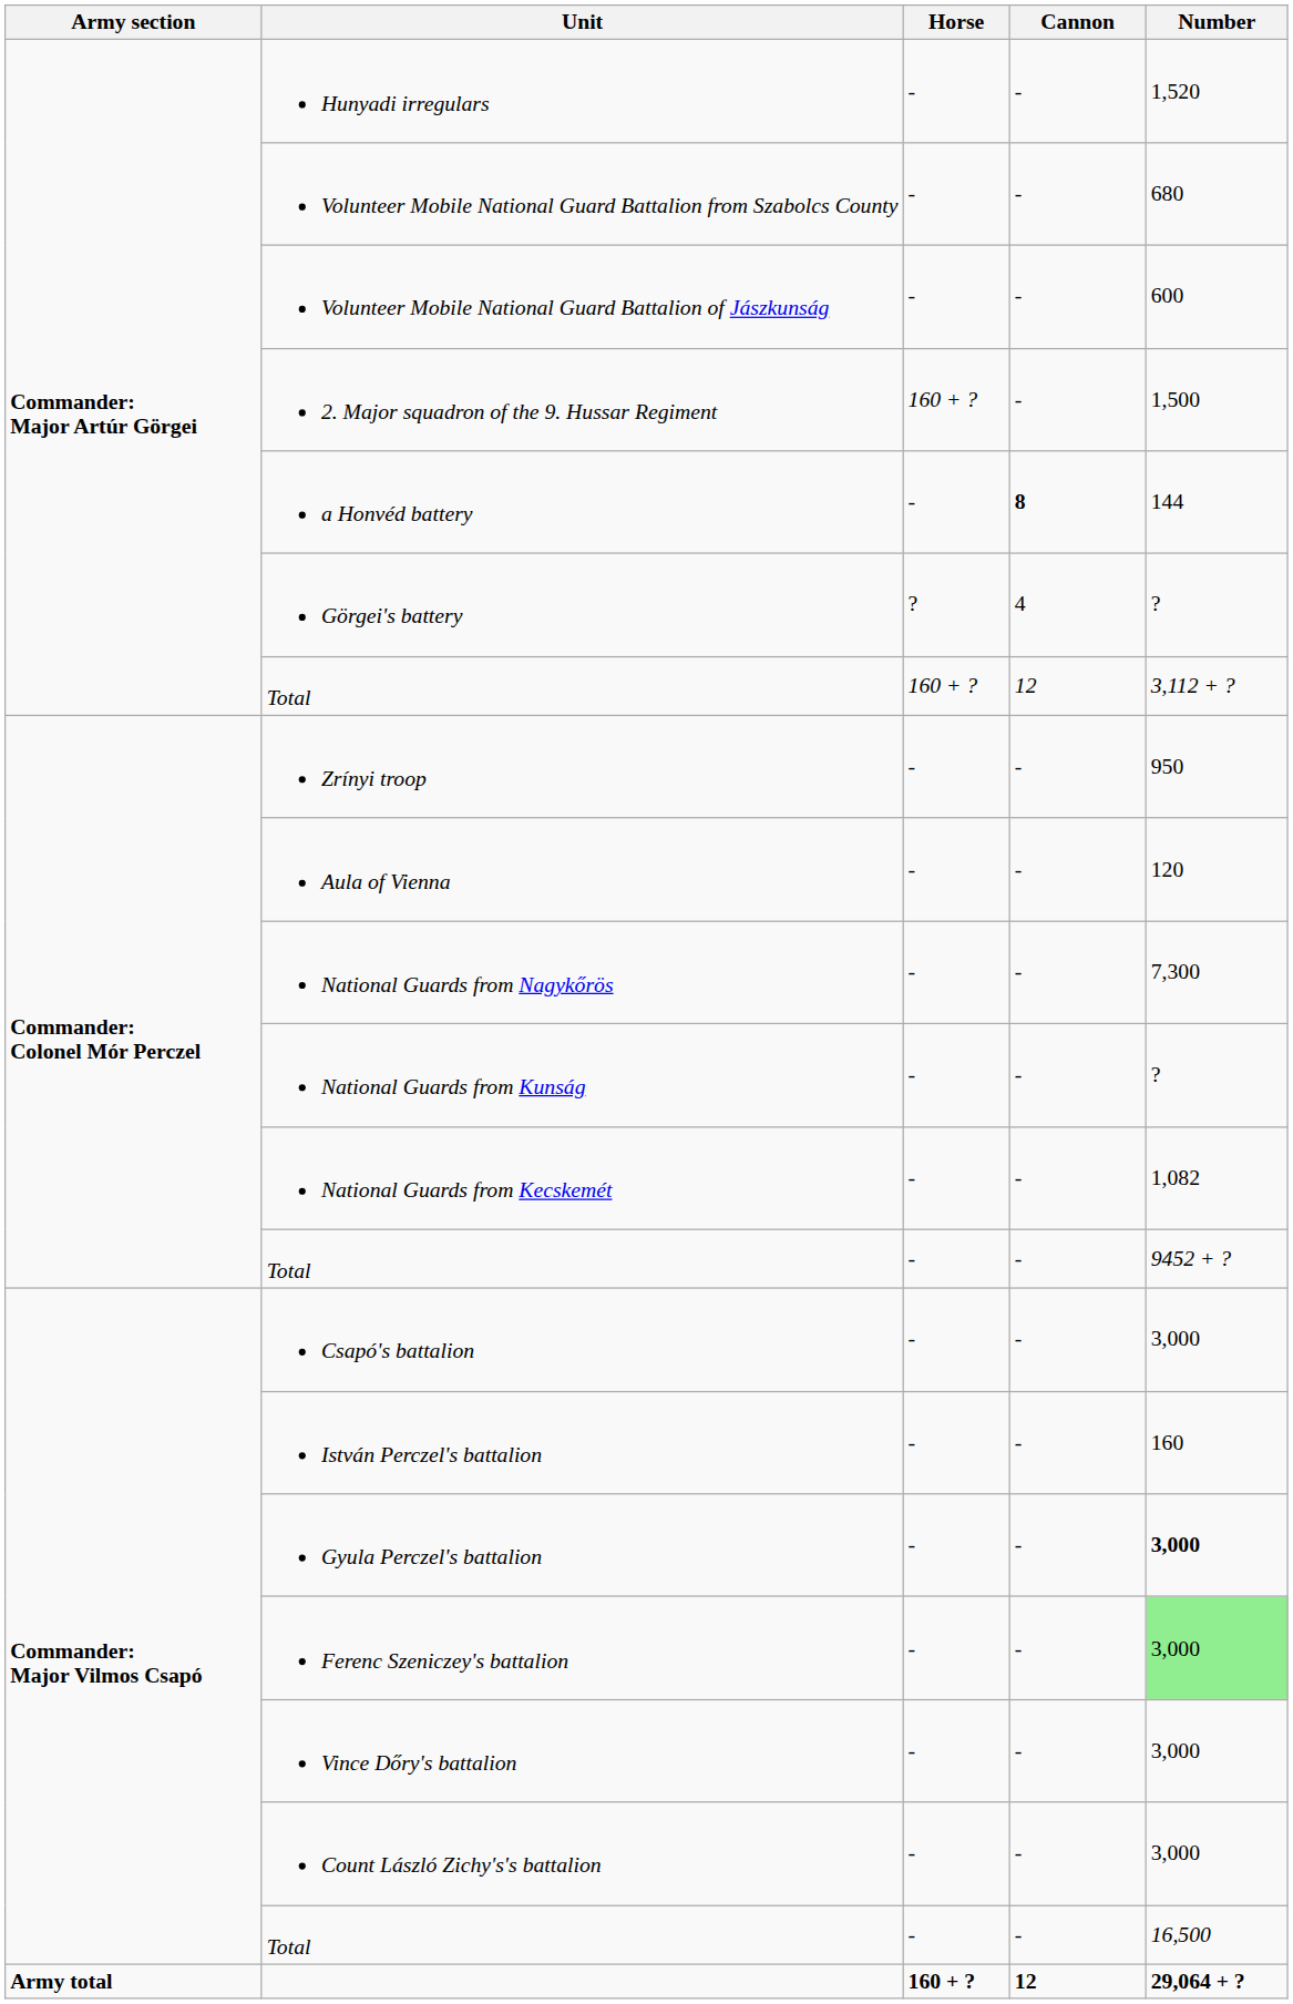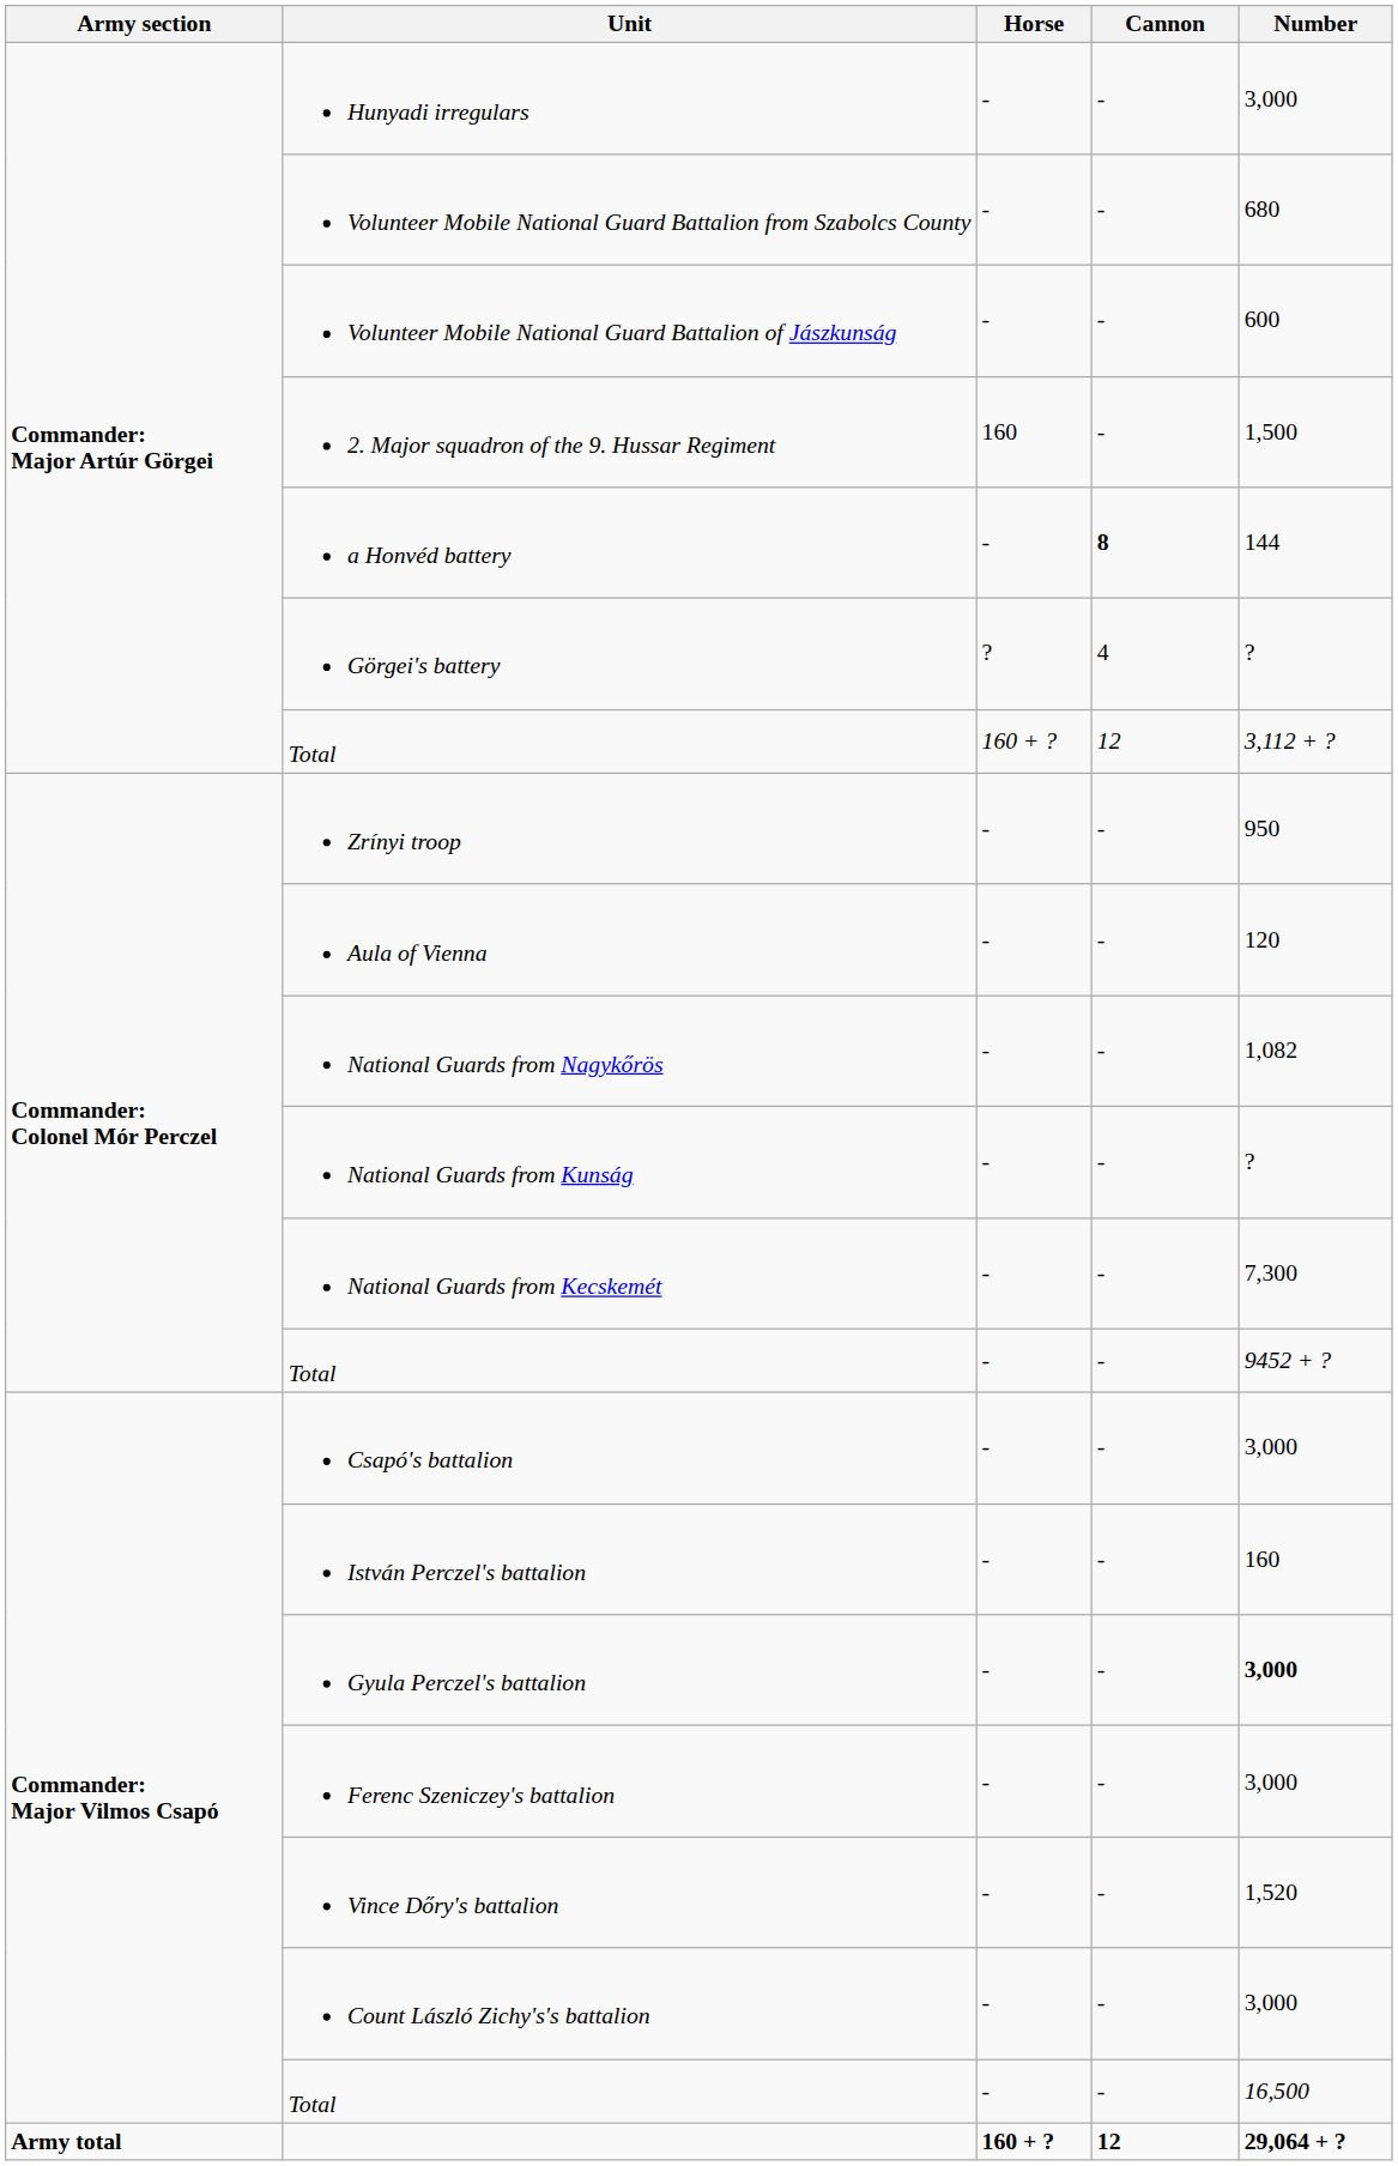 <table class="wikitable">
 <tr>
 <th width=20%>Army section</th>
 <th width=50%>Unit</th>
 <th width=10 %>Horse</th>
 <th width=5 %>Cannon</th>
 <th width=15 %>Number</th>
 </tr>
 <tr>
 <td rowspan="7"><br> <br>  <br><strong>Commander:<br> Major Artúr Görgei</strong><br></td>
 <td><br><ul><li><em>Hunyadi irregulars</em></li></ul></td>
 <td>-</td>
 <td>-</td>
-<td>1,520</td>
+<td>3,000</td>
 </tr>
 <tr>
 <td><br><ul><li><em>Volunteer Mobile National Guard Battalion from Szabolcs County</em></li></ul></td>
 <td>-</td>
 <td>-</td>
 <td>680</td>
 </tr>
 <tr>
 <td><br><ul><li><em>Volunteer Mobile National Guard Battalion of <a href='#'>Jászkunság</a></em></li></ul></td>
 <td>-</td>
 <td>-</td>
 <td>600</td>
 </tr>
 <tr>
 <td><br><ul><li><em>2. Major squadron of the 9. Hussar Regiment</em></li></ul></td>
-<td><em>160 + ?</em></td>
+<td>160</td>
 <td>-</td>
 <td>1,500</td>
 </tr>
 <tr>
 <td><br><ul><li><em>a Honvéd battery</em></li></ul></td>
 <td>-</td>
 <td><strong>8</strong></td>
 <td>144</td>
 </tr>
 <tr>
 <td><br><ul><li><em>Görgei's battery</em></li></ul></td>
 <td>?</td>
 <td>4</td>
 <td>?</td>
 </tr>
 <tr>
 <td><br><em>Total</em></td>
 <td><em>160 + ?</em></td>
 <td><em>12</em></td>
 <td><em>3,112 + ?</em></td>
 </tr>
 <tr>
 <td rowspan="6"><br> <br>  <br><strong>Commander:<br> Colonel Mór Perczel</strong><br></td>
 <td><br><ul><li><em>Zrínyi troop</em></li></ul></td>
 <td>-</td>
 <td>-</td>
 <td>950</td>
 </tr>
 <tr>
 <td><br><ul><li><em>Aula of Vienna</em></li></ul></td>
 <td>-</td>
 <td>-</td>
 <td>120</td>
 </tr>
 <tr>
 <td><br><ul><li><em>National Guards from <a href='#'>Nagykőrös</a></em></li></ul></td>
 <td>-</td>
 <td>-</td>
-<td>7,300</td>
+<td>1,082</td>
 </tr>
 <tr>
 <td><br><ul><li><em>National Guards from <a href='#'>Kunság</a></em></li></ul></td>
 <td>-</td>
 <td>-</td>
 <td>?</td>
 </tr>
 <tr>
 <td><br><ul><li><em>National Guards from <a href='#'>Kecskemét</a></em></li></ul></td>
 <td>-</td>
 <td>-</td>
-<td>1,082</td>
+<td>7,300</td>
 </tr>
 <tr>
 <td><br><em>Total</em></td>
 <td>-</td>
 <td>-</td>
 <td><em>9452 + ?</em></td>
 </tr>
 <tr>
 <td rowspan="7"><br> <br>  <br><strong>Commander:<br> Major Vilmos Csapó</strong><br></td>
 <td><br><ul><li><em>Csapó's battalion</em></li></ul></td>
 <td>-</td>
 <td>-</td>
 <td>3,000</td>
 </tr>
 <tr>
 <td><br><ul><li><em>István Perczel's battalion</em></li></ul></td>
 <td>-</td>
 <td>-</td>
 <td>160</td>
 </tr>
 <tr>
 <td><br><ul><li><em>Gyula Perczel's battalion</em></li></ul></td>
 <td>-</td>
 <td>-</td>
 <td><strong>3,000</strong></td>
 </tr>
 <tr>
 <td><br><ul><li><em>Ferenc Szeniczey's battalion</em></li></ul></td>
 <td>-</td>
 <td>-</td>
-<td style="background: lightgreen;">3,000</td>
+<td>3,000</td>
 </tr>
 <tr>
 <td><br><ul><li><em>Vince Dőry's battalion</em></li></ul></td>
 <td>-</td>
 <td>-</td>
-<td>3,000</td>
+<td>1,520</td>
 </tr>
 <tr>
 <td><br><ul><li><em>Count László Zichy's's battalion</em></li></ul></td>
 <td>-</td>
 <td>-</td>
 <td>3,000</td>
 </tr>
 <tr>
 <td><br><em>Total</em></td>
 <td>-</td>
 <td>-</td>
 <td><em>16,500</em></td>
 </tr>
 <tr>
 <td><strong>Army total</strong></td>
 <td></td>
 <td><strong>160 + ?</strong></td>
 <td><strong>12</strong></td>
 <td><strong>29,064 + ?</strong></td>
 </tr>
 </table>
